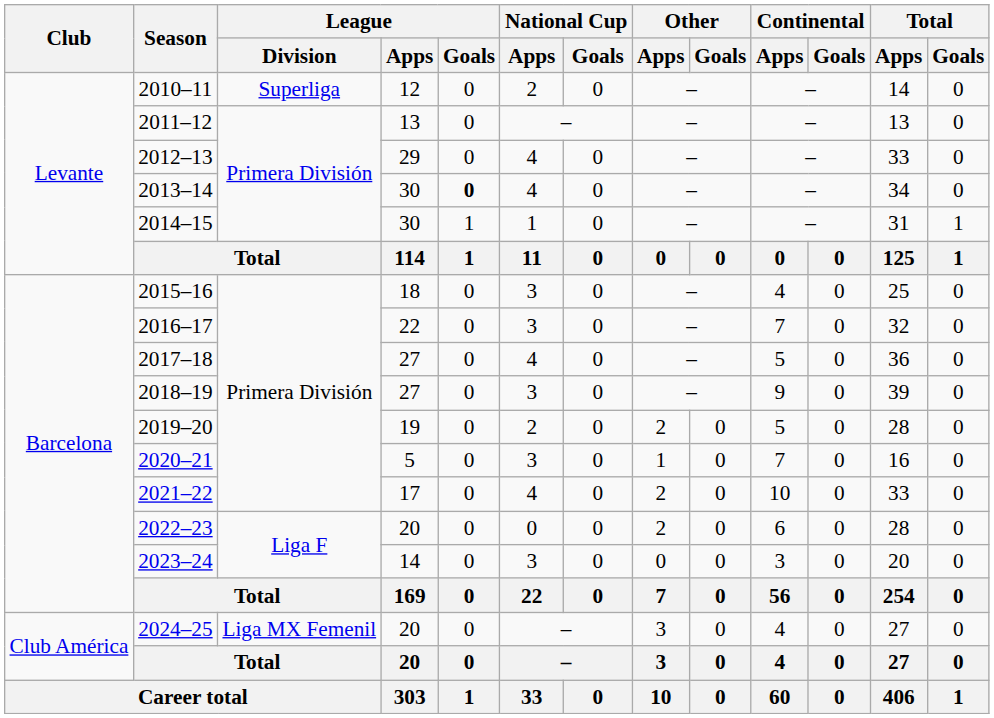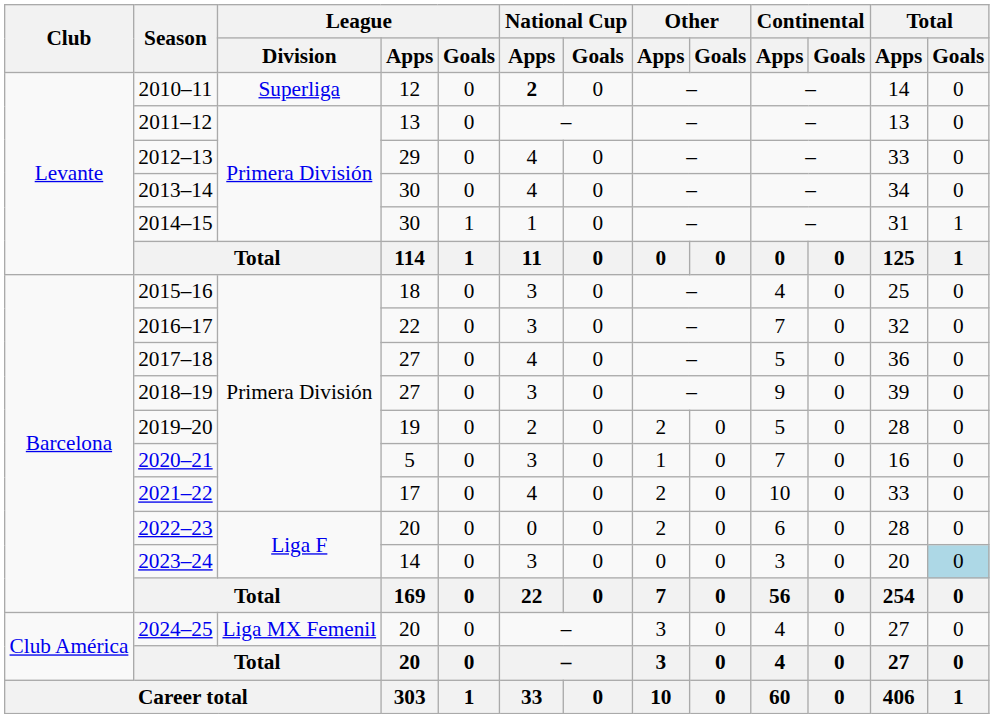 <table class="wikitable" style="text-align:center">
 <tr>
 <th rowspan="2">Club</th>
 <th rowspan="2">Season</th>
 <th colspan="3">League</th>
 <th colspan="2">National Cup</th>
 <th colspan="2">Other</th>
 <th colspan="2">Continental </th>
 <th colspan="2">Total</th>
 </tr>
 <tr>
 <th>Division</th>
 <th>Apps</th>
 <th>Goals</th>
 <th>Apps</th>
 <th>Goals</th>
 <th>Apps</th>
 <th>Goals</th>
 <th>Apps</th>
 <th>Goals</th>
 <th>Apps</th>
 <th>Goals</th>
 </tr>
 <tr>
 <td rowspan="6"><a href='#'>Levante</a></td>
 <td>2010–11</td>
 <td><a href='#'>Superliga</a></td>
 <td>12</td>
 <td>0</td>
-<td>2</td>
+<td><strong>2</strong></td>
 <td>0</td>
 <td colspan="2">–</td>
 <td colspan="2">–</td>
 <td>14</td>
 <td>0</td>
 </tr>
 <tr>
 <td>2011–12</td>
 <td rowspan="4"><a href='#'>Primera División</a></td>
 <td>13</td>
 <td>0</td>
 <td colspan="2">–</td>
 <td colspan="2">–</td>
 <td colspan="2">–</td>
 <td>13</td>
 <td>0</td>
 </tr>
 <tr>
 <td>2012–13</td>
 <td>29</td>
 <td>0</td>
 <td>4</td>
 <td>0</td>
 <td colspan="2">–</td>
 <td colspan="2">–</td>
 <td>33</td>
 <td>0</td>
 </tr>
 <tr>
 <td>2013–14</td>
 <td>30</td>
-<td><strong>0</strong></td>
+<td>0</td>
 <td>4</td>
 <td>0</td>
 <td colspan="2">–</td>
 <td colspan="2">–</td>
 <td>34</td>
 <td>0</td>
 </tr>
 <tr>
 <td>2014–15</td>
 <td>30</td>
 <td>1</td>
 <td>1</td>
 <td>0</td>
 <td colspan="2">–</td>
 <td colspan="2">–</td>
 <td>31</td>
 <td>1</td>
 </tr>
 <tr>
 <th colspan="2">Total</th>
 <th>114</th>
 <th>1</th>
 <th>11</th>
 <th>0</th>
 <th>0</th>
 <th>0</th>
 <th>0</th>
 <th>0</th>
 <th>125</th>
 <th>1</th>
 </tr>
 <tr>
 <td rowspan="10"><a href='#'>Barcelona</a></td>
 <td>2015–16</td>
 <td rowspan="7">Primera División</td>
 <td>18</td>
 <td>0</td>
 <td>3</td>
 <td>0</td>
 <td colspan="2">–</td>
 <td>4</td>
 <td>0</td>
 <td>25</td>
 <td>0</td>
 </tr>
 <tr>
 <td>2016–17</td>
 <td>22</td>
 <td>0</td>
 <td>3</td>
 <td>0</td>
 <td colspan="2">–</td>
 <td>7</td>
 <td>0</td>
 <td>32</td>
 <td>0</td>
 </tr>
 <tr>
 <td>2017–18</td>
 <td>27</td>
 <td>0</td>
 <td>4</td>
 <td>0</td>
 <td colspan="2">–</td>
 <td>5</td>
 <td>0</td>
 <td>36</td>
 <td>0</td>
 </tr>
 <tr>
 <td>2018–19</td>
 <td>27</td>
 <td>0</td>
 <td>3</td>
 <td>0</td>
 <td colspan="2">–</td>
 <td>9</td>
 <td>0</td>
 <td>39</td>
 <td>0</td>
 </tr>
 <tr>
 <td>2019–20</td>
 <td>19</td>
 <td>0</td>
 <td>2</td>
 <td>0</td>
 <td>2</td>
 <td>0</td>
 <td>5</td>
 <td>0</td>
 <td>28</td>
 <td>0</td>
 </tr>
 <tr>
 <td><a href='#'>2020–21</a></td>
 <td>5</td>
 <td>0</td>
 <td>3</td>
 <td>0</td>
 <td>1</td>
 <td>0</td>
 <td>7</td>
 <td>0</td>
 <td>16</td>
 <td>0</td>
 </tr>
 <tr>
 <td><a href='#'>2021–22</a></td>
 <td>17</td>
 <td>0</td>
 <td>4</td>
 <td>0</td>
 <td>2</td>
 <td>0</td>
 <td>10</td>
 <td>0</td>
 <td>33</td>
 <td>0</td>
 </tr>
 <tr>
 <td><a href='#'>2022–23</a></td>
 <td rowspan="2"><a href='#'>Liga F</a></td>
 <td>20</td>
 <td>0</td>
 <td>0</td>
 <td>0</td>
 <td>2</td>
 <td>0</td>
 <td>6</td>
 <td>0</td>
 <td>28</td>
 <td>0</td>
 </tr>
 <tr>
 <td><a href='#'>2023–24</a></td>
 <td>14</td>
 <td>0</td>
 <td>3</td>
 <td>0</td>
 <td>0</td>
 <td>0</td>
 <td>3</td>
 <td>0</td>
 <td>20</td>
-<td>0</td>
+<td style="background: lightblue;">0</td>
 </tr>
 <tr>
 <th colspan="2">Total</th>
 <th>169</th>
 <th>0</th>
 <th>22</th>
 <th>0</th>
 <th>7</th>
 <th>0</th>
 <th>56</th>
 <th>0</th>
 <th>254</th>
 <th>0</th>
 </tr>
 <tr>
 <td rowspan="2"><a href='#'>Club América</a></td>
 <td><a href='#'>2024–25</a></td>
 <td><a href='#'>Liga MX Femenil</a></td>
 <td>20</td>
 <td>0</td>
 <td colspan="2">–</td>
 <td>3</td>
 <td>0</td>
 <td>4</td>
 <td>0</td>
 <td>27</td>
 <td>0</td>
 </tr>
 <tr>
 <th colspan="2">Total</th>
 <th>20</th>
 <th>0</th>
 <th colspan="2">–</th>
 <th>3</th>
 <th>0</th>
 <th>4</th>
 <th>0</th>
 <th>27</th>
 <th>0</th>
 </tr>
 <tr>
 <th colspan="3">Career total</th>
 <th>303</th>
 <th>1</th>
 <th>33</th>
 <th>0</th>
 <th>10</th>
 <th>0</th>
 <th>60</th>
 <th>0</th>
 <th>406</th>
 <th>1</th>
 </tr>
 </table>
